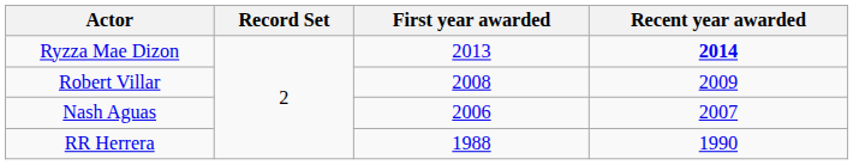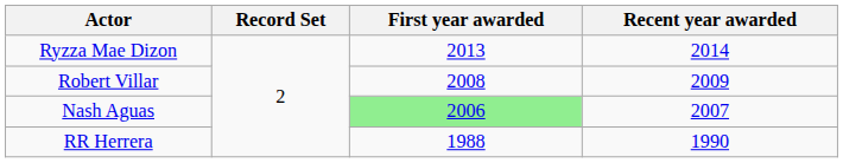 <table class="wikitable" width=55% style="text-align: center">
 <tr>
 <th>Actor</th>
 <th>Record Set</th>
 <th>First year awarded</th>
 <th>Recent year awarded</th>
 </tr>
 <tr>
 <td><a href='#'>Ryzza Mae Dizon</a></td>
 <td rowspan=4>2</td>
 <td><a href='#'>2013</a></td>
-<td><strong><a href='#'>2014</a></strong></td>
+<td><a href='#'>2014</a></td>
 </tr>
 <tr>
 <td><a href='#'>Robert Villar</a></td>
 <td><a href='#'>2008</a></td>
 <td><a href='#'>2009</a></td>
 </tr>
 <tr>
 <td><a href='#'>Nash Aguas</a></td>
-<td><a href='#'>2006</a></td>
+<td style="background: lightgreen;"><a href='#'>2006</a></td>
 <td><a href='#'>2007</a></td>
 </tr>
 <tr>
 <td><a href='#'>RR Herrera</a></td>
 <td><a href='#'>1988</a></td>
 <td><a href='#'>1990</a></td>
 </tr>
 </table>
